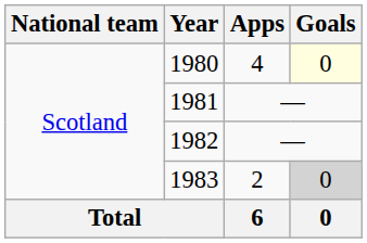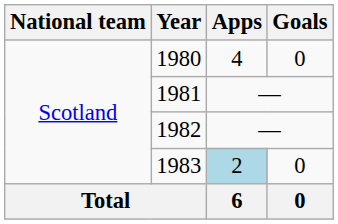 <table class="wikitable" style="text-align:center">
 <tr>
 <th>National team</th>
 <th>Year</th>
 <th>Apps</th>
 <th>Goals</th>
 </tr>
 <tr>
 <td rowspan="4"><a href='#'>Scotland</a></td>
 <td>1980</td>
 <td>4</td>
-<td style="background: lightyellow;">0</td>
+<td>0</td>
 </tr>
 <tr>
 <td>1981</td>
 <td colspan="2">—</td>
 </tr>
 <tr>
 <td>1982</td>
 <td colspan="2">—</td>
 </tr>
 <tr>
 <td>1983</td>
-<td>2</td>
-<td style="background: lightgrey;">0</td>
+<td style="background: lightblue;">2</td>
+<td>0</td>
 </tr>
 <tr>
 <th colspan="2">Total</th>
 <th>6</th>
 <th>0</th>
 </tr>
 </table>
